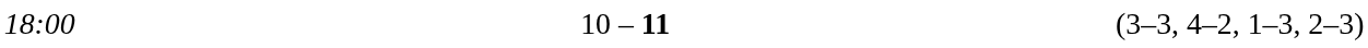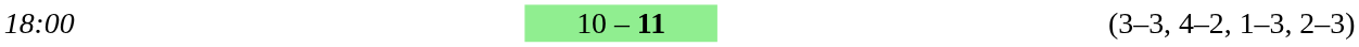 <table style="text-align:center">
 <tr>
 <th width=100></th>
 <th width=200></th>
 <th width=100></th>
 <th width=200></th>
 </tr>
 <tr>
 <td><em>18:00</em></td>
 <td align=right></td>
-<td>10 – <strong>11</strong></td>
+<td style="background: lightgreen;">10 – <strong>11</strong></td>
 <td align=left><strong></strong></td>
 <td>(3–3, 4–2, 1–3, 2–3)</td>
 </tr>
 </table>
